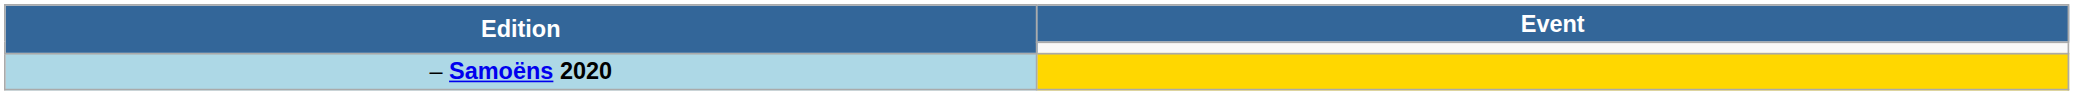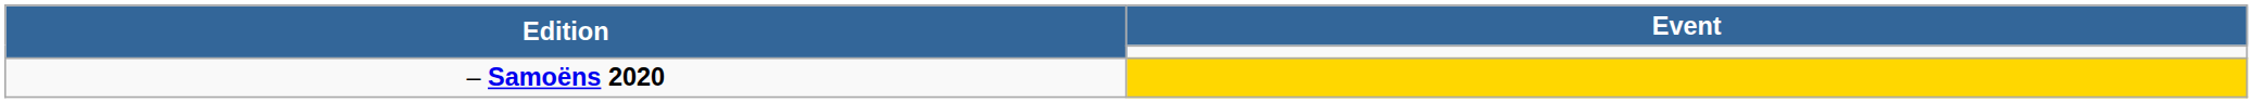 <table class="wikitable centre" style="font-size:90%; text-align:center" width="80%">
 <tr style="background-color:#369">
 <td rowspan="2" width="50%" style="color:white"><strong>Edition</strong></td>
 <td colspan="6" style="color:white"><strong>Event</strong></td>
 </tr>
 <tr>
 <td width="50%"><strong></strong></td>
 </tr>
 <tr>
-<td style="background: lightblue;"> – <strong><a href='#'>Samoëns</a> 2020</strong></td>
+<td> – <strong><a href='#'>Samoëns</a> 2020</strong></td>
 <td bgcolor="gold"><strong></strong><br> </td>
 </tr>
 </table>
